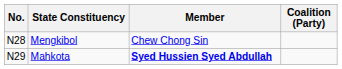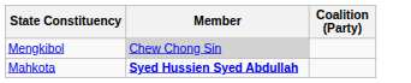 <table class="wikitable sortable">
 <tr>
-<th width="30">No.</th>
 <th width="150">State Constituency</th>
 <th width="230">Member</th>
 <th width="80">Coalition (Party)</th>
 </tr>
 <tr>
-<td>N28</td>
 <td><a href='#'>Mengkibol</a></td>
-<td><a href='#'>Chew Chong Sin</a></td>
+<td style="background: lightgrey;"><a href='#'>Chew Chong Sin</a></td>
 <td></td>
 </tr>
 <tr>
-<td>N29</td>
 <td><a href='#'>Mahkota</a></td>
 <td><strong><a href='#'>Syed Hussien Syed Abdullah</a></strong></td>
 <td></td>
 </tr>
 </table>
